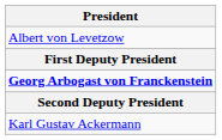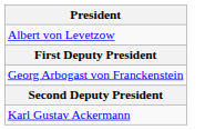 <table class="wikitable">
 <tr>
 <th>President</th>
 </tr>
 <tr>
 <td><a href='#'>Albert von Levetzow</a></td>
 </tr>
 <tr>
 <th>First Deputy President</th>
 </tr>
 <tr>
-<td><strong><a href='#'>Georg Arbogast von Franckenstein</a></strong></td>
+<td><a href='#'>Georg Arbogast von Franckenstein</a></td>
 </tr>
 <tr>
 <th>Second Deputy President</th>
 </tr>
 <tr>
 <td><a href='#'>Karl Gustav Ackermann</a></td>
 </tr>
 </table>
